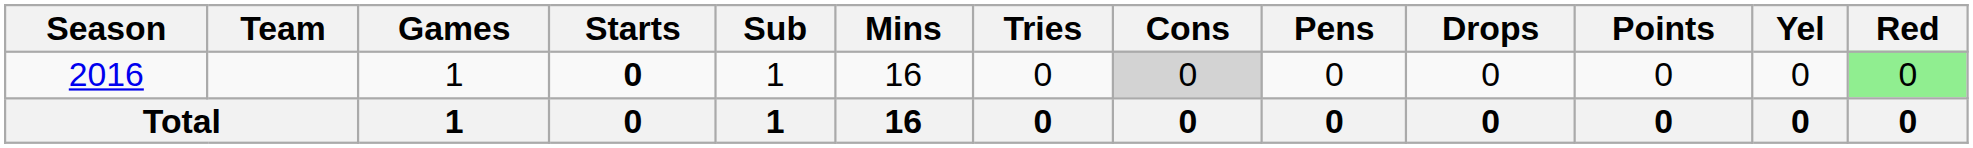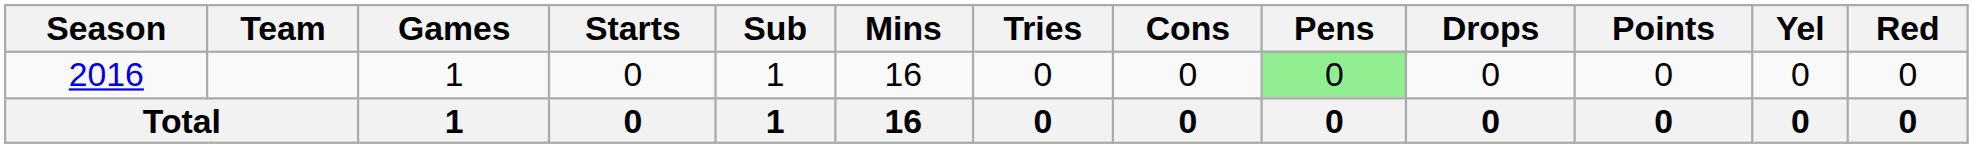 <table class="wikitable" style="text-align:center; line-height:90%; font-size:95%; width:70%;">
 <tr>
 <th>Season</th>
 <th>Team</th>
 <th>Games</th>
 <th>Starts</th>
 <th>Sub</th>
 <th>Mins</th>
 <th>Tries</th>
 <th>Cons</th>
 <th>Pens</th>
 <th>Drops</th>
 <th>Points</th>
 <th>Yel</th>
 <th>Red</th>
 </tr>
 <tr>
 <td><a href='#'>2016</a></td>
 <td></td>
 <td>1</td>
-<td><strong>0</strong></td>
+<td>0</td>
 <td>1</td>
 <td>16</td>
 <td>0</td>
-<td style="background: lightgrey;">0</td>
+<td>0</td>
+<td style="background: lightgreen;">0</td>
 <td>0</td>
 <td>0</td>
 <td>0</td>
 <td>0</td>
-<td style="background: lightgreen;">0</td>
 </tr>
 <tr>
 <th colspan="2">Total</th>
 <th>1</th>
 <th>0</th>
 <th>1</th>
 <th>16</th>
 <th>0</th>
 <th>0</th>
 <th>0</th>
 <th>0</th>
 <th>0</th>
 <th>0</th>
 <th>0</th>
 </tr>
 </table>
